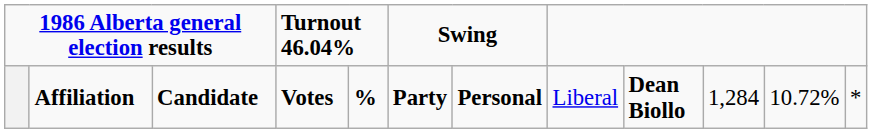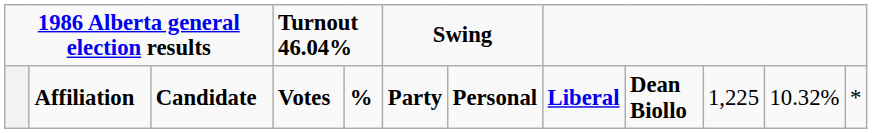 <table class="wikitable">
 <tr>
 <td colspan="3" align=center><strong><a href='#'>1986 Alberta general election</a> results</strong></td>
 <td colspan="2"><strong>Turnout 46.04%</strong></td>
 <td colspan="2" align=center><strong>Swing</strong></td>
 </tr>
 <tr>
 <th style="width: 10px;"></th>
 <td><strong>Affiliation</strong></td>
 <td><strong>Candidate</strong></td>
 <td><strong>Votes</strong></td>
 <td><strong>%</strong></td>
 <td><strong>Party</strong></td>
 <td><strong>Personal</strong><br>  </td>
-<td><a href='#'>Liberal</a></td>
+<td><strong><a href='#'>Liberal</a></strong></td>
 <td><strong>Dean Biollo</strong></td>
-<td>1,284</td>
-<td>10.72%</td>
+<td>1,225</td>
+<td>10.32%</td>
 <td colspan=2 align=center>*<br>   </td>
 </tr>
 </table>
